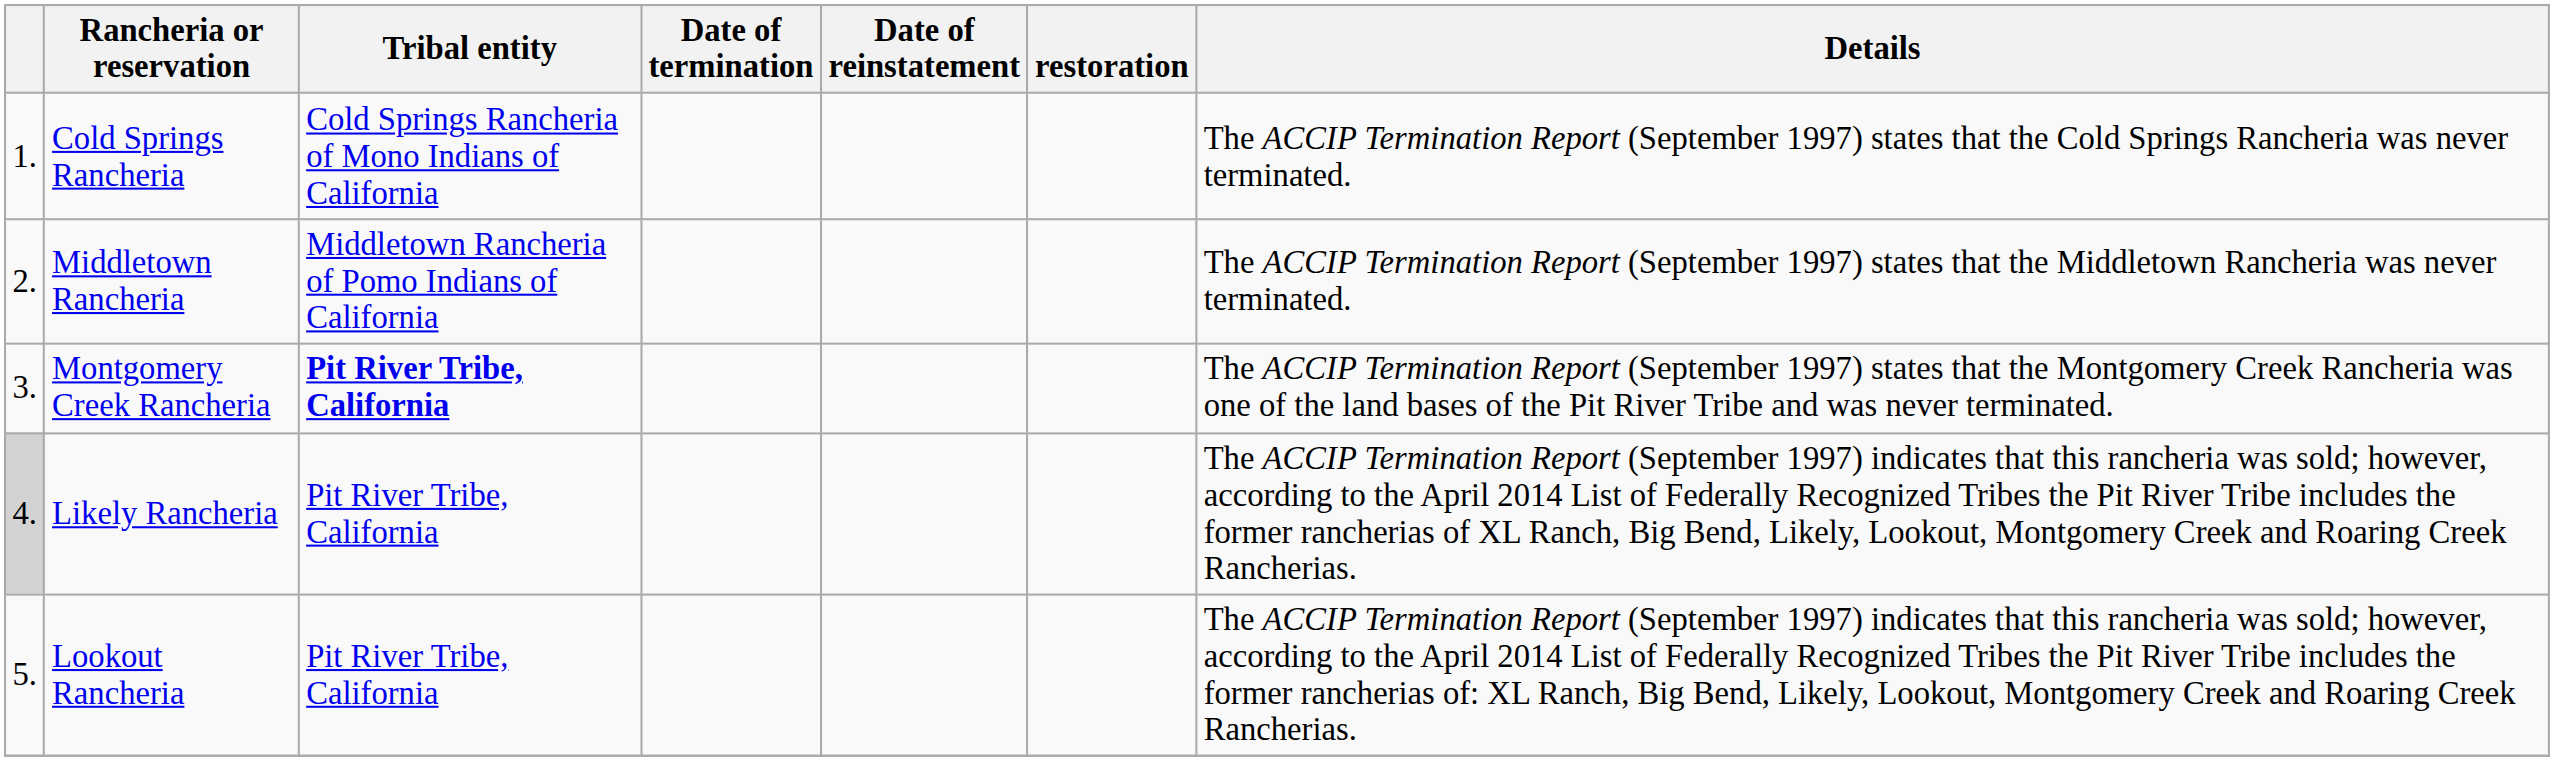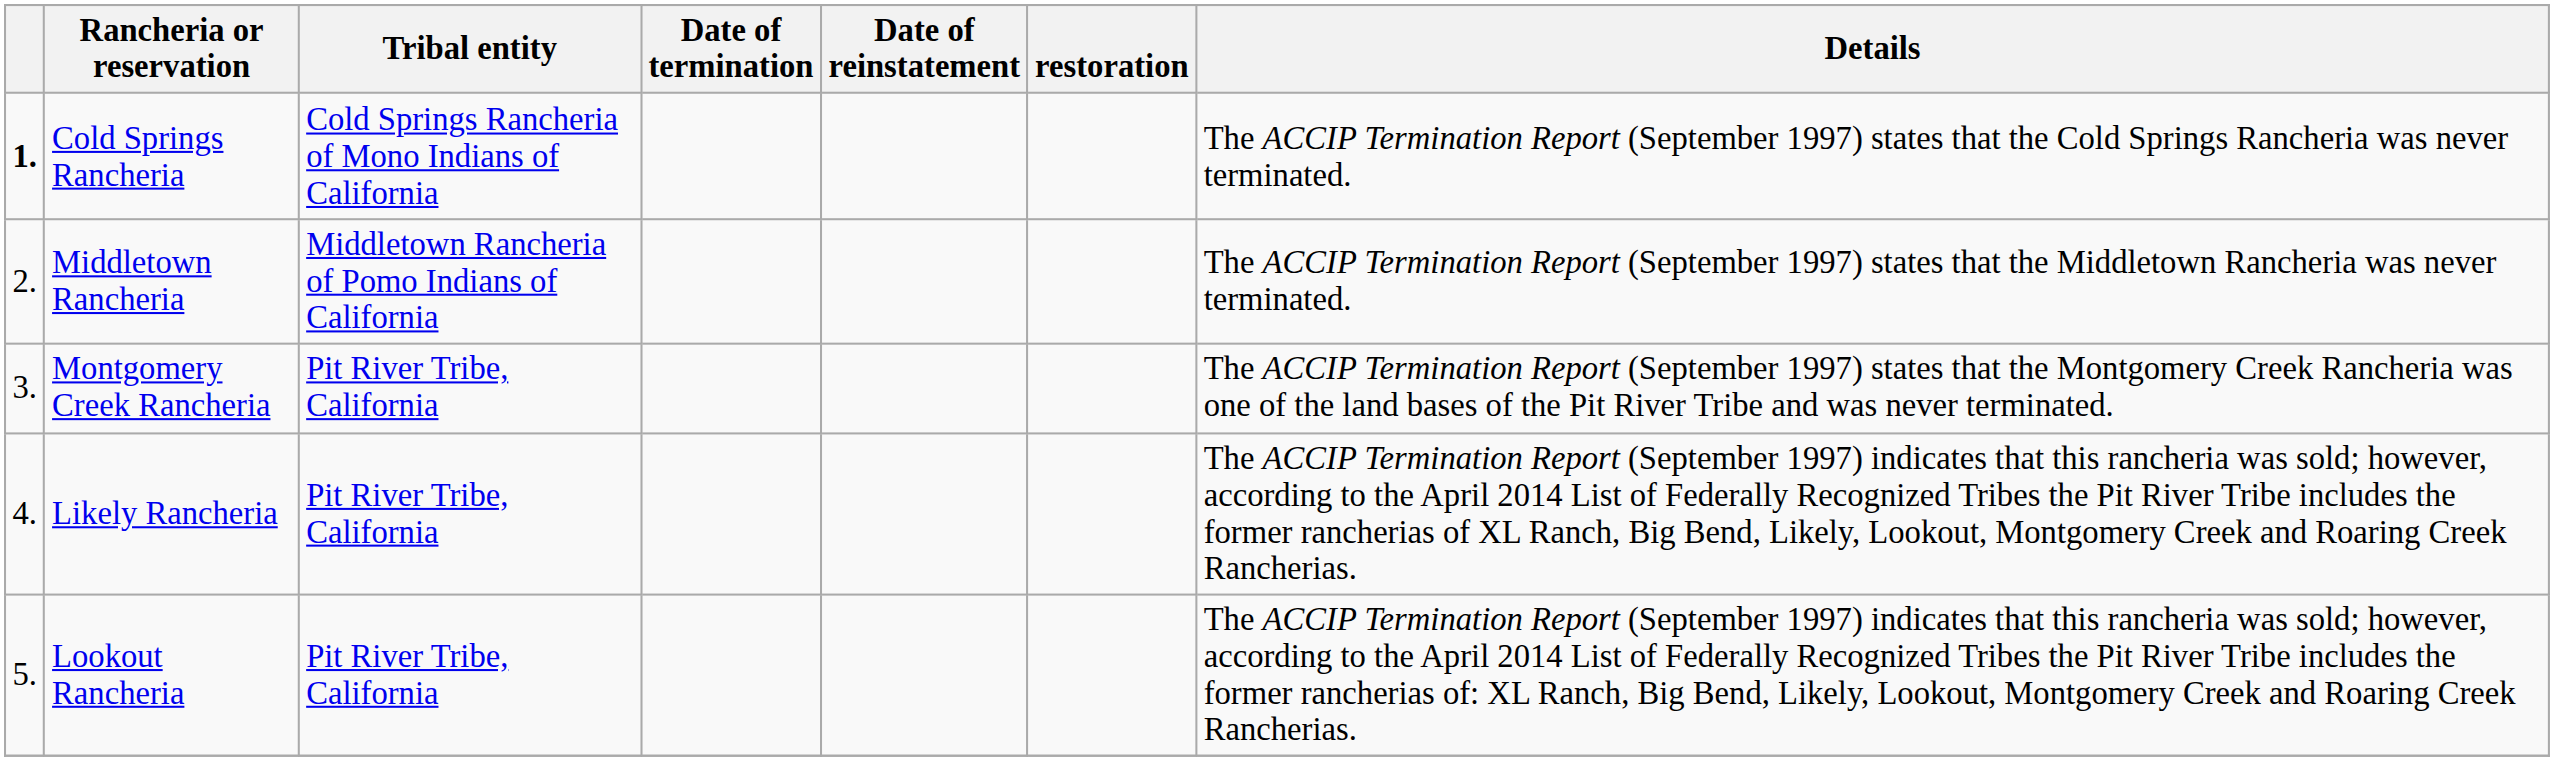 <table class="wikitable sortable">
 <tr>
 </tr>
 <tr>
 <th></th>
 <th>Rancheria or reservation</th>
 <th>Tribal entity</th>
 <th>Date of<br>termination</th>
 <th>Date of<br>reinstatement</th>
 <th><br>restoration</th>
 <th>Details</th>
 </tr>
 <tr>
-<td>1.</td>
+<td><strong>1.</strong></td>
 <td><a href='#'>Cold Springs Rancheria</a></td>
 <td><a href='#'>Cold Springs Rancheria of Mono Indians of California</a></td>
 <td></td>
 <td></td>
 <td></td>
 <td>The <em>ACCIP Termination Report</em> (September 1997) states that the Cold Springs Rancheria was never terminated.</td>
 </tr>
 <tr>
 <td>2.</td>
 <td><a href='#'>Middletown Rancheria</a></td>
 <td><a href='#'>Middletown Rancheria of Pomo Indians of California</a></td>
 <td></td>
 <td></td>
 <td></td>
 <td>The <em>ACCIP Termination Report</em> (September 1997) states that the Middletown Rancheria was never terminated.</td>
 </tr>
 <tr>
 <td>3.</td>
 <td><a href='#'>Montgomery Creek Rancheria</a></td>
-<td><strong><a href='#'>Pit River Tribe, California</a></strong></td>
+<td><a href='#'>Pit River Tribe, California</a></td>
 <td></td>
 <td></td>
 <td></td>
 <td>The <em>ACCIP Termination Report</em> (September 1997) states that the Montgomery Creek Rancheria was one of the land bases of the Pit River Tribe and was never terminated.</td>
 </tr>
 <tr>
-<td style="background: lightgrey;">4.</td>
+<td>4.</td>
 <td><a href='#'>Likely Rancheria</a></td>
 <td><a href='#'>Pit River Tribe, California</a></td>
 <td></td>
 <td></td>
 <td></td>
 <td>The <em>ACCIP Termination Report</em> (September 1997) indicates that this rancheria was sold; however, according to the April 2014 List of Federally Recognized Tribes the Pit River Tribe includes the former rancherias of XL Ranch, Big Bend, Likely, Lookout, Montgomery Creek and Roaring Creek Rancherias.</td>
 </tr>
 <tr>
 <td>5.</td>
 <td><a href='#'>Lookout Rancheria</a></td>
 <td><a href='#'>Pit River Tribe, California</a></td>
 <td></td>
 <td></td>
 <td></td>
 <td>The <em>ACCIP Termination Report</em> (September 1997) indicates that this rancheria was sold; however, according to the April 2014 List of Federally Recognized Tribes the Pit River Tribe includes the former rancherias of: XL Ranch, Big Bend, Likely, Lookout, Montgomery Creek and Roaring Creek Rancherias.</td>
 </tr>
 <tr>
 </tr>
 </table>
